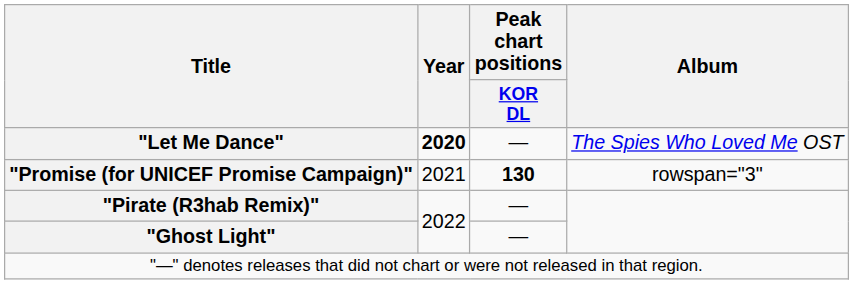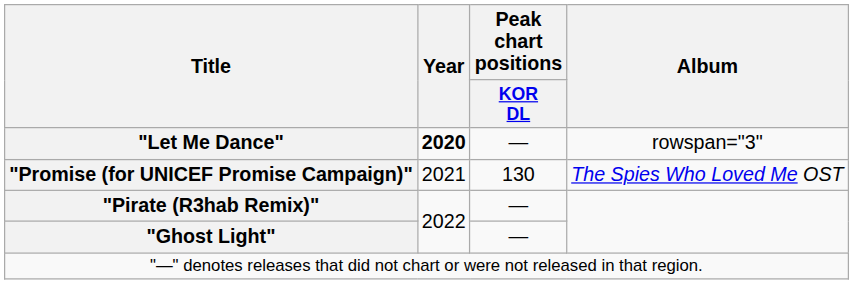 <table class="wikitable plainrowheaders" style="text-align:center">
 <tr>
 <th scope="col" rowspan="2">Title</th>
 <th scope="col" rowspan="2">Year</th>
 <th scope="col">Peak chart positions</th>
 <th scope="col" rowspan="2">Album</th>
 </tr>
 <tr>
 <th scope="col" style="font-size:90%; width:3em"><a href='#'>KOR<br>DL</a><br></th>
 </tr>
 <tr>
 <th scope="row">"Let Me Dance"</th>
 <td><strong>2020</strong></td>
 <td>—</td>
-<td><em><a href='#'>The Spies Who Loved Me</a> OST</em></td>
+<td>rowspan="3" </td>
 </tr>
 <tr>
 <th scope="row">"Promise (for UNICEF Promise Campaign)"</th>
 <td>2021</td>
-<td><strong>130</strong></td>
-<td>rowspan="3" </td>
+<td>130</td>
+<td><em><a href='#'>The Spies Who Loved Me</a> OST</em></td>
 </tr>
 <tr>
 <th scope="row">"Pirate (R3hab Remix)" </th>
 <td rowspan="2">2022</td>
 <td>—</td>
 </tr>
 <tr>
 <th scope="row">"Ghost Light" </th>
 <td>—</td>
 </tr>
 <tr>
 <td colspan="4" style="text-align:center; font-size:85%">"—" denotes releases that did not chart or were not released in that region.</td>
 </tr>
 </table>
